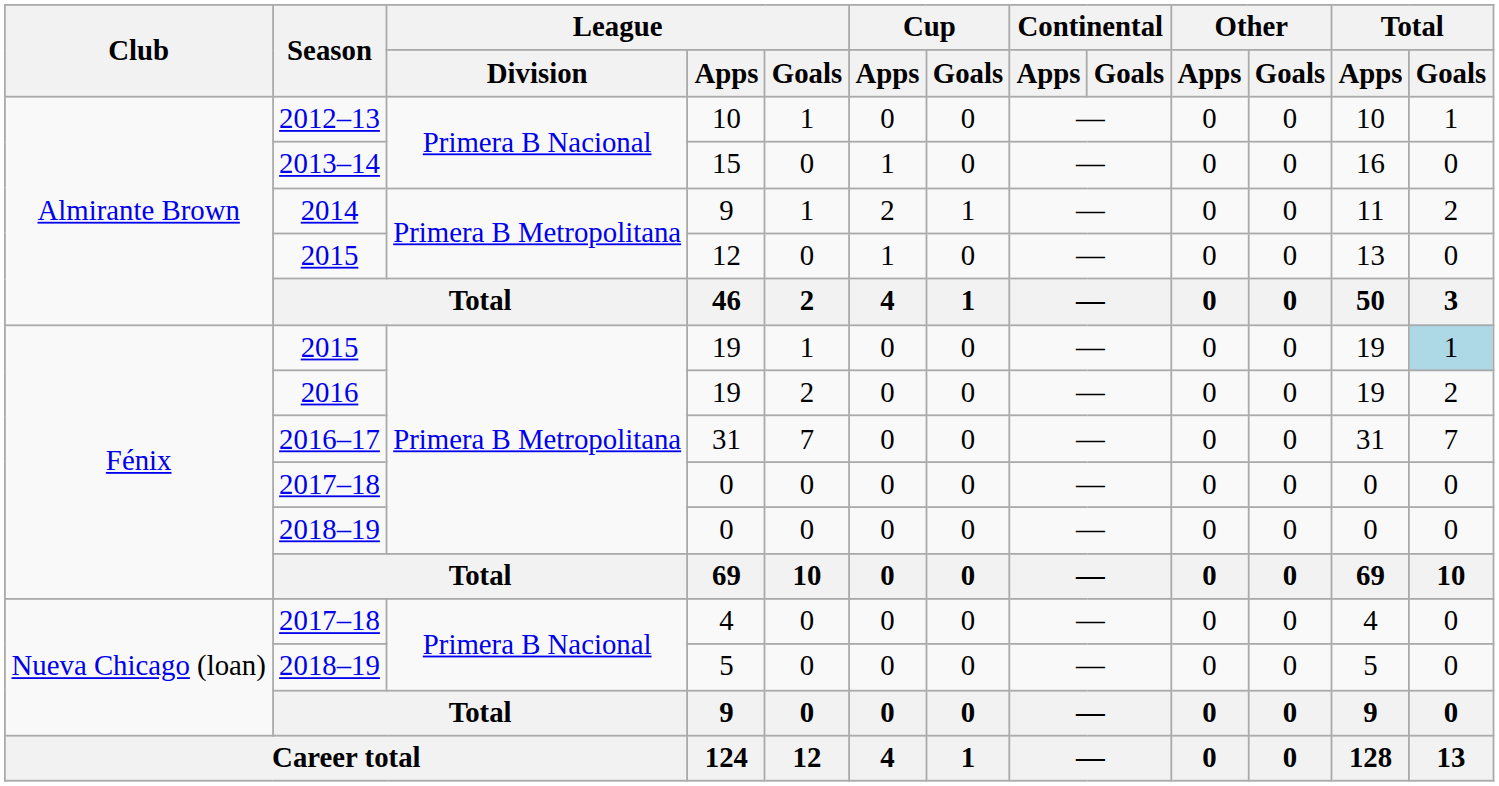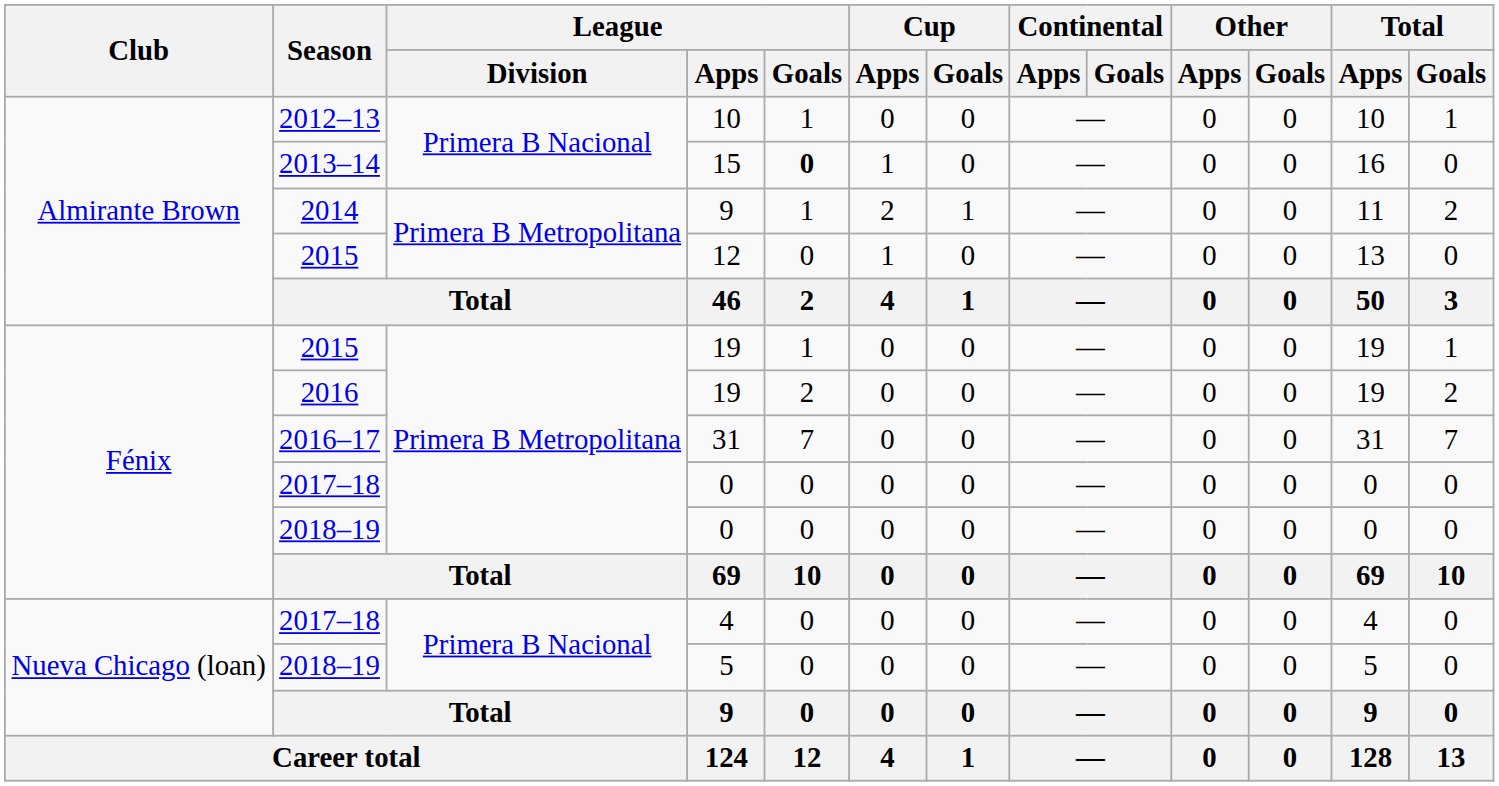 <table class="wikitable" style="text-align:center">
 <tr>
 <th rowspan="2">Club</th>
 <th rowspan="2">Season</th>
 <th colspan="3">League</th>
 <th colspan="2">Cup</th>
 <th colspan="2">Continental</th>
 <th colspan="2">Other</th>
 <th colspan="2">Total</th>
 </tr>
 <tr>
 <th>Division</th>
 <th>Apps</th>
 <th>Goals</th>
 <th>Apps</th>
 <th>Goals</th>
 <th>Apps</th>
 <th>Goals</th>
 <th>Apps</th>
 <th>Goals</th>
 <th>Apps</th>
 <th>Goals</th>
 </tr>
 <tr>
 <td rowspan="5"><a href='#'>Almirante Brown</a></td>
 <td><a href='#'>2012–13</a></td>
 <td rowspan="2"><a href='#'>Primera B Nacional</a></td>
 <td>10</td>
 <td>1</td>
 <td>0</td>
 <td>0</td>
 <td colspan="2">—</td>
 <td>0</td>
 <td>0</td>
 <td>10</td>
 <td>1</td>
 </tr>
 <tr>
 <td><a href='#'>2013–14</a></td>
 <td>15</td>
-<td>0</td>
+<td><strong>0</strong></td>
 <td>1</td>
 <td>0</td>
 <td colspan="2">—</td>
 <td>0</td>
 <td>0</td>
 <td>16</td>
 <td>0</td>
 </tr>
 <tr>
 <td><a href='#'>2014</a></td>
 <td rowspan="2"><a href='#'>Primera B Metropolitana</a></td>
 <td>9</td>
 <td>1</td>
 <td>2</td>
 <td>1</td>
 <td colspan="2">—</td>
 <td>0</td>
 <td>0</td>
 <td>11</td>
 <td>2</td>
 </tr>
 <tr>
 <td><a href='#'>2015</a></td>
 <td>12</td>
 <td>0</td>
 <td>1</td>
 <td>0</td>
 <td colspan="2">—</td>
 <td>0</td>
 <td>0</td>
 <td>13</td>
 <td>0</td>
 </tr>
 <tr>
 <th colspan="2">Total</th>
 <th>46</th>
 <th>2</th>
 <th>4</th>
 <th>1</th>
 <th colspan="2">—</th>
 <th>0</th>
 <th>0</th>
 <th>50</th>
 <th>3</th>
 </tr>
 <tr>
 <td rowspan="6"><a href='#'>Fénix</a></td>
 <td><a href='#'>2015</a></td>
 <td rowspan="5"><a href='#'>Primera B Metropolitana</a></td>
 <td>19</td>
 <td>1</td>
 <td>0</td>
 <td>0</td>
 <td colspan="2">—</td>
 <td>0</td>
 <td>0</td>
 <td>19</td>
-<td style="background: lightblue;">1</td>
+<td>1</td>
 </tr>
 <tr>
 <td><a href='#'>2016</a></td>
 <td>19</td>
 <td>2</td>
 <td>0</td>
 <td>0</td>
 <td colspan="2">—</td>
 <td>0</td>
 <td>0</td>
 <td>19</td>
 <td>2</td>
 </tr>
 <tr>
 <td><a href='#'>2016–17</a></td>
 <td>31</td>
 <td>7</td>
 <td>0</td>
 <td>0</td>
 <td colspan="2">—</td>
 <td>0</td>
 <td>0</td>
 <td>31</td>
 <td>7</td>
 </tr>
 <tr>
 <td><a href='#'>2017–18</a></td>
 <td>0</td>
 <td>0</td>
 <td>0</td>
 <td>0</td>
 <td colspan="2">—</td>
 <td>0</td>
 <td>0</td>
 <td>0</td>
 <td>0</td>
 </tr>
 <tr>
 <td><a href='#'>2018–19</a></td>
 <td>0</td>
 <td>0</td>
 <td>0</td>
 <td>0</td>
 <td colspan="2">—</td>
 <td>0</td>
 <td>0</td>
 <td>0</td>
 <td>0</td>
 </tr>
 <tr>
 <th colspan="2">Total</th>
 <th>69</th>
 <th>10</th>
 <th>0</th>
 <th>0</th>
 <th colspan="2">—</th>
 <th>0</th>
 <th>0</th>
 <th>69</th>
 <th>10</th>
 </tr>
 <tr>
 <td rowspan="3"><a href='#'>Nueva Chicago</a> (loan)</td>
 <td><a href='#'>2017–18</a></td>
 <td rowspan="2"><a href='#'>Primera B Nacional</a></td>
 <td>4</td>
 <td>0</td>
 <td>0</td>
 <td>0</td>
 <td colspan="2">—</td>
 <td>0</td>
 <td>0</td>
 <td>4</td>
 <td>0</td>
 </tr>
 <tr>
 <td><a href='#'>2018–19</a></td>
 <td>5</td>
 <td>0</td>
 <td>0</td>
 <td>0</td>
 <td colspan="2">—</td>
 <td>0</td>
 <td>0</td>
 <td>5</td>
 <td>0</td>
 </tr>
 <tr>
 <th colspan="2">Total</th>
 <th>9</th>
 <th>0</th>
 <th>0</th>
 <th>0</th>
 <th colspan="2">—</th>
 <th>0</th>
 <th>0</th>
 <th>9</th>
 <th>0</th>
 </tr>
 <tr>
 <th colspan="3">Career total</th>
 <th>124</th>
 <th>12</th>
 <th>4</th>
 <th>1</th>
 <th colspan="2">—</th>
 <th>0</th>
 <th>0</th>
 <th>128</th>
 <th>13</th>
 </tr>
 </table>
